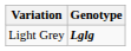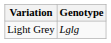 <table class="wikitable" style="margin:1em auto;">
 <tr>
 <th>Variation</th>
 <th>Genotype</th>
 </tr>
 <tr>
 <td>Light Grey</td>
-<td><strong><em>Lglg</em></strong></td>
+<td><em>Lglg</em></td>
 </tr>
 </table>
